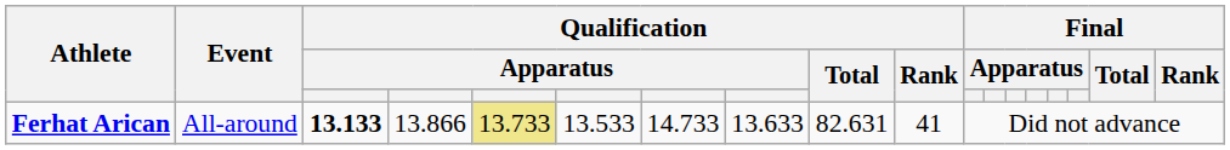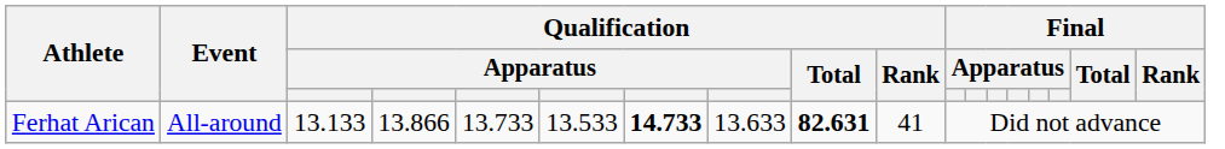 <table class="wikitable" style="font-size:90%">
 <tr>
 <th rowspan=3>Athlete</th>
 <th rowspan=3>Event</th>
 <th colspan =8>Qualification</th>
 <th colspan =8>Final</th>
 </tr>
 <tr style="font-size:95%">
 <th colspan=6>Apparatus</th>
 <th rowspan=2>Total</th>
 <th rowspan=2>Rank</th>
 <th colspan=6>Apparatus</th>
 <th rowspan=2>Total</th>
 <th rowspan=2>Rank</th>
 </tr>
 <tr style="font-size:95%">
 <th></th>
 <th></th>
 <th></th>
 <th></th>
 <th></th>
 <th></th>
 <th></th>
 <th></th>
 <th></th>
 <th></th>
 <th></th>
 <th></th>
 </tr>
 <tr align=center>
-<td align=left><strong><a href='#'>Ferhat Arican</a></strong></td>
+<td align=left><a href='#'>Ferhat Arican</a></td>
 <td align=left><a href='#'>All-around</a></td>
-<td><strong>13.133</strong></td>
+<td>13.133</td>
 <td>13.866</td>
-<td style="background: khaki;">13.733</td>
+<td>13.733</td>
 <td>13.533</td>
-<td>14.733</td>
+<td><strong>14.733</strong></td>
 <td>13.633</td>
-<td>82.631</td>
+<td><strong>82.631</strong></td>
 <td>41</td>
 <td colspan=8>Did not advance</td>
 </tr>
 </table>
